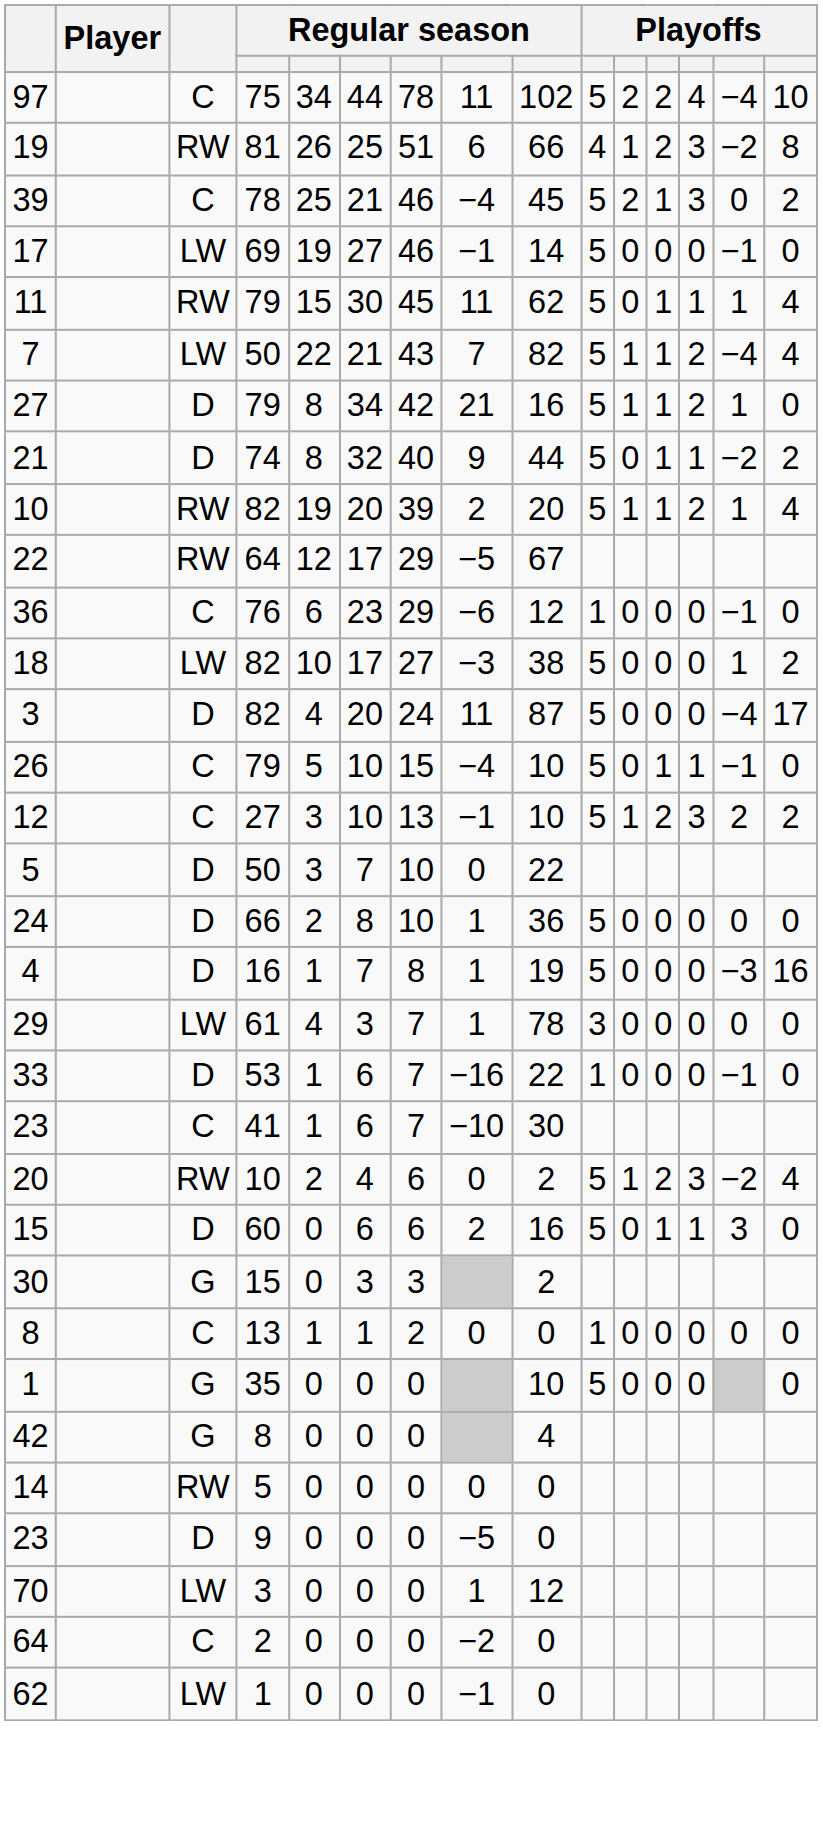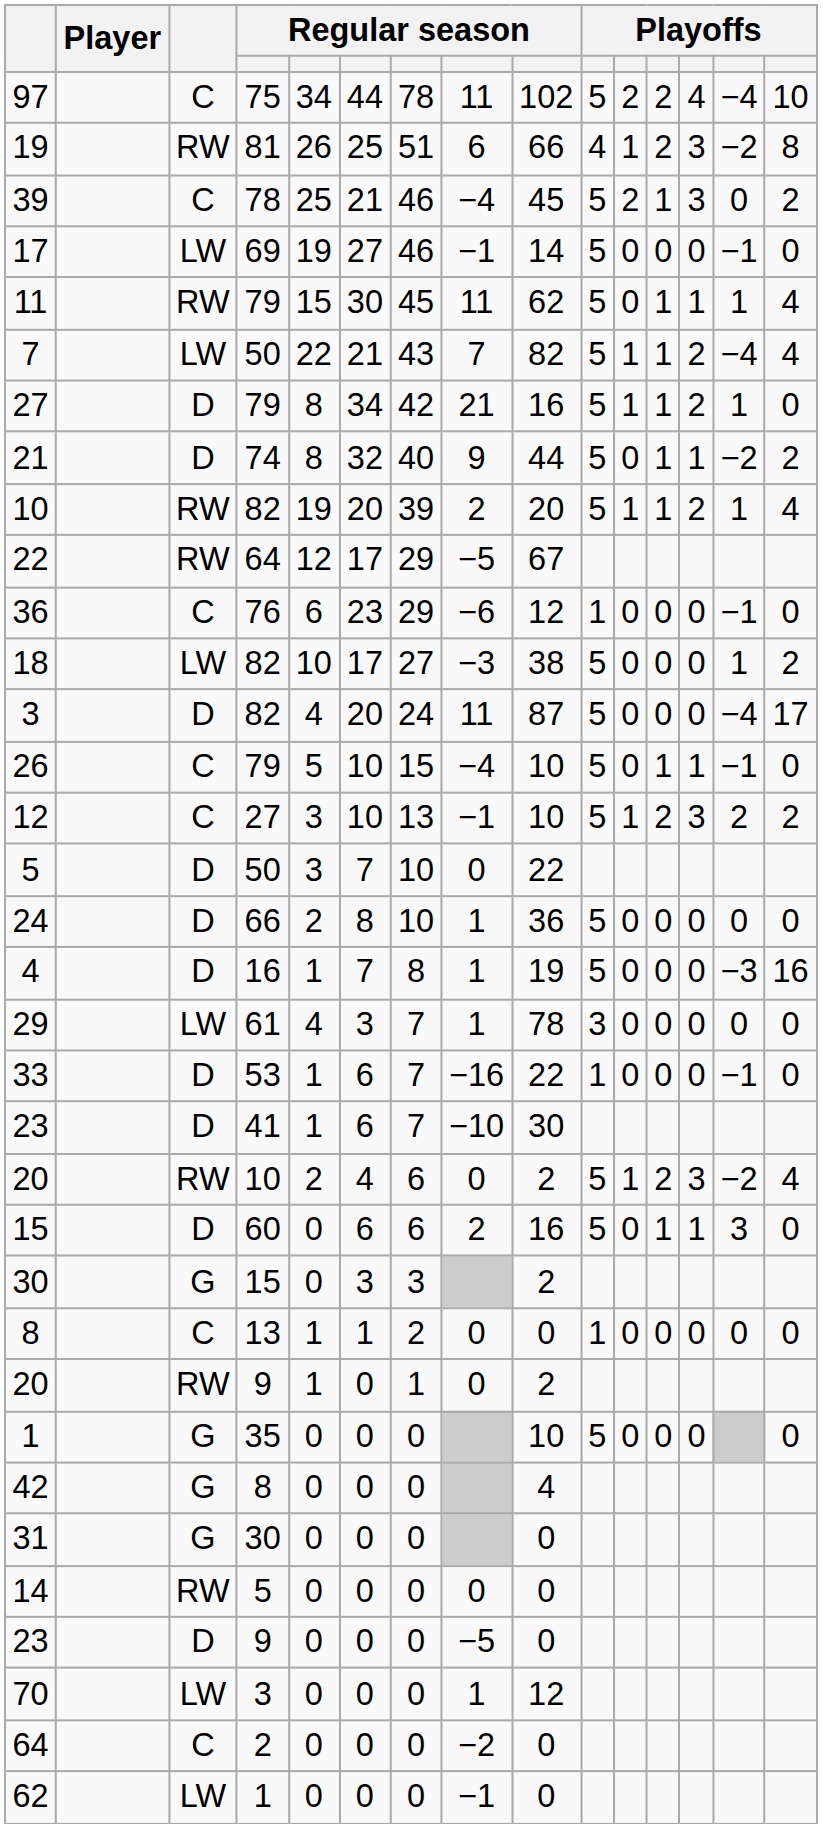 <table class="wikitable sortable plainrowheaders" style="text-align:center;">
 <tr>
 <th scope="col" data-sort-type="number" rowspan="2"></th>
 <th scope="col" rowspan="2">Player</th>
 <th scope="col" rowspan="2"></th>
 <th scope=colgroup colspan=6>Regular season</th>
 <th scope=colgroup colspan=6>Playoffs</th>
 </tr>
 <tr>
 <th scope="col" data-sort-type="number"></th>
 <th scope="col" data-sort-type="number"></th>
 <th scope="col" data-sort-type="number"></th>
 <th scope="col" data-sort-type="number"></th>
 <th scope="col" data-sort-type="number"></th>
 <th scope="col" data-sort-type="number"></th>
 <th scope="col" data-sort-type="number"></th>
 <th scope="col" data-sort-type="number"></th>
 <th scope="col" data-sort-type="number"></th>
 <th scope="col" data-sort-type="number"></th>
 <th scope="col" data-sort-type="number"></th>
 <th scope="col" data-sort-type="number"></th>
 </tr>
 <tr>
 <td scope="row">97</td>
 <td align="left"></td>
 <td>C</td>
 <td>75</td>
 <td>34</td>
 <td>44</td>
 <td>78</td>
 <td>11</td>
 <td>102</td>
 <td>5</td>
 <td>2</td>
 <td>2</td>
 <td>4</td>
 <td>−4</td>
 <td>10</td>
 </tr>
 <tr>
 <td scope="row">19</td>
 <td align="left"></td>
 <td>RW</td>
 <td>81</td>
 <td>26</td>
 <td>25</td>
 <td>51</td>
 <td>6</td>
 <td>66</td>
 <td>4</td>
 <td>1</td>
 <td>2</td>
 <td>3</td>
 <td>−2</td>
 <td>8</td>
 </tr>
 <tr>
 <td scope="row">39</td>
 <td align="left"></td>
 <td>C</td>
 <td>78</td>
 <td>25</td>
 <td>21</td>
 <td>46</td>
 <td>−4</td>
 <td>45</td>
 <td>5</td>
 <td>2</td>
 <td>1</td>
 <td>3</td>
 <td>0</td>
 <td>2</td>
 </tr>
 <tr>
 <td scope="row">17</td>
 <td align="left"></td>
 <td>LW</td>
 <td>69</td>
 <td>19</td>
 <td>27</td>
 <td>46</td>
 <td>−1</td>
 <td>14</td>
 <td>5</td>
 <td>0</td>
 <td>0</td>
 <td>0</td>
 <td>−1</td>
 <td>0</td>
 </tr>
 <tr>
 <td scope="row">11</td>
 <td align="left"></td>
 <td>RW</td>
 <td>79</td>
 <td>15</td>
 <td>30</td>
 <td>45</td>
 <td>11</td>
 <td>62</td>
 <td>5</td>
 <td>0</td>
 <td>1</td>
 <td>1</td>
 <td>1</td>
 <td>4</td>
 </tr>
 <tr>
 <td scope="row">7</td>
 <td align="left"></td>
 <td>LW</td>
 <td>50</td>
 <td>22</td>
 <td>21</td>
 <td>43</td>
 <td>7</td>
 <td>82</td>
 <td>5</td>
 <td>1</td>
 <td>1</td>
 <td>2</td>
 <td>−4</td>
 <td>4</td>
 </tr>
 <tr>
 <td scope="row">27</td>
 <td align="left"></td>
 <td>D</td>
 <td>79</td>
 <td>8</td>
 <td>34</td>
 <td>42</td>
 <td>21</td>
 <td>16</td>
 <td>5</td>
 <td>1</td>
 <td>1</td>
 <td>2</td>
 <td>1</td>
 <td>0</td>
 </tr>
 <tr>
 <td scope="row">21</td>
 <td align="left"></td>
 <td>D</td>
 <td>74</td>
 <td>8</td>
 <td>32</td>
 <td>40</td>
 <td>9</td>
 <td>44</td>
 <td>5</td>
 <td>0</td>
 <td>1</td>
 <td>1</td>
 <td>−2</td>
 <td>2</td>
 </tr>
 <tr>
 <td scope="row">10</td>
 <td align="left"></td>
 <td>RW</td>
 <td>82</td>
 <td>19</td>
 <td>20</td>
 <td>39</td>
 <td>2</td>
 <td>20</td>
 <td>5</td>
 <td>1</td>
 <td>1</td>
 <td>2</td>
 <td>1</td>
 <td>4</td>
 </tr>
 <tr>
 <td scope="row">22</td>
 <td align="left"></td>
 <td>RW</td>
 <td>64</td>
 <td>12</td>
 <td>17</td>
 <td>29</td>
 <td>−5</td>
 <td>67</td>
 <td></td>
 <td></td>
 <td></td>
 <td></td>
 <td></td>
 <td></td>
 </tr>
 <tr>
 <td scope="row">36</td>
 <td align="left"></td>
 <td>C</td>
 <td>76</td>
 <td>6</td>
 <td>23</td>
 <td>29</td>
 <td>−6</td>
 <td>12</td>
 <td>1</td>
 <td>0</td>
 <td>0</td>
 <td>0</td>
 <td>−1</td>
 <td>0</td>
 </tr>
 <tr>
 <td scope="row">18</td>
 <td align="left"></td>
 <td>LW</td>
 <td>82</td>
 <td>10</td>
 <td>17</td>
 <td>27</td>
 <td>−3</td>
 <td>38</td>
 <td>5</td>
 <td>0</td>
 <td>0</td>
 <td>0</td>
 <td>1</td>
 <td>2</td>
 </tr>
 <tr>
 <td scope="row">3</td>
 <td align="left"></td>
 <td>D</td>
 <td>82</td>
 <td>4</td>
 <td>20</td>
 <td>24</td>
 <td>11</td>
 <td>87</td>
 <td>5</td>
 <td>0</td>
 <td>0</td>
 <td>0</td>
 <td>−4</td>
 <td>17</td>
 </tr>
 <tr>
 <td scope="row">26</td>
 <td align="left"></td>
 <td>C</td>
 <td>79</td>
 <td>5</td>
 <td>10</td>
 <td>15</td>
 <td>−4</td>
 <td>10</td>
 <td>5</td>
 <td>0</td>
 <td>1</td>
 <td>1</td>
 <td>−1</td>
 <td>0</td>
 </tr>
 <tr>
 <td scope="row">12</td>
 <td align="left"></td>
 <td>C</td>
 <td>27</td>
 <td>3</td>
 <td>10</td>
 <td>13</td>
 <td>−1</td>
 <td>10</td>
 <td>5</td>
 <td>1</td>
 <td>2</td>
 <td>3</td>
 <td>2</td>
 <td>2</td>
 </tr>
 <tr>
 <td scope="row">5</td>
 <td align="left"></td>
 <td>D</td>
 <td>50</td>
 <td>3</td>
 <td>7</td>
 <td>10</td>
 <td>0</td>
 <td>22</td>
 <td></td>
 <td></td>
 <td></td>
 <td></td>
 <td></td>
 <td></td>
 </tr>
 <tr>
 <td scope="row">24</td>
 <td align="left"></td>
 <td>D</td>
 <td>66</td>
 <td>2</td>
 <td>8</td>
 <td>10</td>
 <td>1</td>
 <td>36</td>
 <td>5</td>
 <td>0</td>
 <td>0</td>
 <td>0</td>
 <td>0</td>
 <td>0</td>
 </tr>
 <tr>
 <td scope="row">4</td>
 <td align="left"></td>
 <td>D</td>
 <td>16</td>
 <td>1</td>
 <td>7</td>
 <td>8</td>
 <td>1</td>
 <td>19</td>
 <td>5</td>
 <td>0</td>
 <td>0</td>
 <td>0</td>
 <td>−3</td>
 <td>16</td>
 </tr>
 <tr>
 <td scope="row">29</td>
 <td align="left"></td>
 <td>LW</td>
 <td>61</td>
 <td>4</td>
 <td>3</td>
 <td>7</td>
 <td>1</td>
 <td>78</td>
 <td>3</td>
 <td>0</td>
 <td>0</td>
 <td>0</td>
 <td>0</td>
 <td>0</td>
 </tr>
 <tr>
 <td scope="row">33</td>
 <td align="left"></td>
 <td>D</td>
 <td>53</td>
 <td>1</td>
 <td>6</td>
 <td>7</td>
 <td>−16</td>
 <td>22</td>
 <td>1</td>
 <td>0</td>
 <td>0</td>
 <td>0</td>
 <td>−1</td>
 <td>0</td>
 </tr>
 <tr>
 <td scope="row">23</td>
 <td align="left"></td>
-<td>C</td>
+<td>D</td>
 <td>41</td>
 <td>1</td>
 <td>6</td>
 <td>7</td>
 <td>−10</td>
 <td>30</td>
 <td></td>
 <td></td>
 <td></td>
 <td></td>
 <td></td>
 <td></td>
 </tr>
 <tr>
 <td scope="row">20</td>
 <td align="left"></td>
 <td>RW</td>
 <td>10</td>
 <td>2</td>
 <td>4</td>
 <td>6</td>
 <td>0</td>
 <td>2</td>
 <td>5</td>
 <td>1</td>
 <td>2</td>
 <td>3</td>
 <td>−2</td>
 <td>4</td>
 </tr>
 <tr>
 <td scope="row">15</td>
 <td align="left"></td>
 <td>D</td>
 <td>60</td>
 <td>0</td>
 <td>6</td>
 <td>6</td>
 <td>2</td>
 <td>16</td>
 <td>5</td>
 <td>0</td>
 <td>1</td>
 <td>1</td>
 <td>3</td>
 <td>0</td>
 </tr>
 <tr>
 <td scope="row">30</td>
 <td align="left"></td>
 <td>G</td>
 <td>15</td>
 <td>0</td>
 <td>3</td>
 <td>3</td>
 <td style="background:#ccc"></td>
 <td>2</td>
 <td></td>
 <td></td>
 <td></td>
 <td></td>
 <td></td>
 <td></td>
 </tr>
 <tr>
 <td scope="row">8</td>
 <td align="left"></td>
 <td>C</td>
 <td>13</td>
 <td>1</td>
 <td>1</td>
 <td>2</td>
 <td>0</td>
 <td>0</td>
 <td>1</td>
 <td>0</td>
 <td>0</td>
 <td>0</td>
 <td>0</td>
 <td>0</td>
 </tr>
 <tr>
+<td scope="row">20</td>
+<td align="left"></td>
+<td>RW</td>
+<td>9</td>
+<td>1</td>
+<td>0</td>
+<td>1</td>
+<td>0</td>
+<td>2</td>
+<td></td>
+<td></td>
+<td></td>
+<td></td>
+<td></td>
+<td></td>
+</tr>
+<tr>
 <td scope="row">1</td>
 <td align="left"></td>
 <td>G</td>
 <td>35</td>
 <td>0</td>
 <td>0</td>
 <td>0</td>
 <td style="background:#ccc"></td>
 <td>10</td>
 <td>5</td>
 <td>0</td>
 <td>0</td>
 <td>0</td>
 <td style="background:#ccc"></td>
 <td>0</td>
 </tr>
 <tr>
 <td scope="row">42</td>
 <td align="left"></td>
 <td>G</td>
 <td>8</td>
 <td>0</td>
 <td>0</td>
 <td>0</td>
 <td style="background:#ccc"></td>
 <td>4</td>
+<td></td>
+<td></td>
+<td></td>
+<td></td>
+<td></td>
+<td></td>
+</tr>
+<tr>
+<td scope="row">31</td>
+<td align="left"></td>
+<td>G</td>
+<td>30</td>
+<td>0</td>
+<td>0</td>
+<td>0</td>
+<td style="background:#ccc"></td>
+<td>0</td>
 <td></td>
 <td></td>
 <td></td>
 <td></td>
 <td></td>
 <td></td>
 </tr>
 <tr>
 <td scope="row">14</td>
 <td align="left"></td>
 <td>RW</td>
 <td>5</td>
 <td>0</td>
 <td>0</td>
 <td>0</td>
 <td>0</td>
 <td>0</td>
 <td></td>
 <td></td>
 <td></td>
 <td></td>
 <td></td>
 <td></td>
 </tr>
 <tr>
 <td scope="row">23</td>
 <td align="left"></td>
 <td>D</td>
 <td>9</td>
 <td>0</td>
 <td>0</td>
 <td>0</td>
 <td>−5</td>
 <td>0</td>
 <td></td>
 <td></td>
 <td></td>
 <td></td>
 <td></td>
 <td></td>
 </tr>
 <tr>
 <td scope="row">70</td>
 <td align="left"></td>
 <td>LW</td>
 <td>3</td>
 <td>0</td>
 <td>0</td>
 <td>0</td>
 <td>1</td>
 <td>12</td>
 <td></td>
 <td></td>
 <td></td>
 <td></td>
 <td></td>
 <td></td>
 </tr>
 <tr>
 <td scope="row">64</td>
 <td align="left"></td>
 <td>C</td>
 <td>2</td>
 <td>0</td>
 <td>0</td>
 <td>0</td>
 <td>−2</td>
 <td>0</td>
 <td></td>
 <td></td>
 <td></td>
 <td></td>
 <td></td>
 <td></td>
 </tr>
 <tr>
 <td scope="row">62</td>
 <td align="left"></td>
 <td>LW</td>
 <td>1</td>
 <td>0</td>
 <td>0</td>
 <td>0</td>
 <td>−1</td>
 <td>0</td>
 <td></td>
 <td></td>
 <td></td>
 <td></td>
 <td></td>
 <td></td>
 </tr>
 </table>
